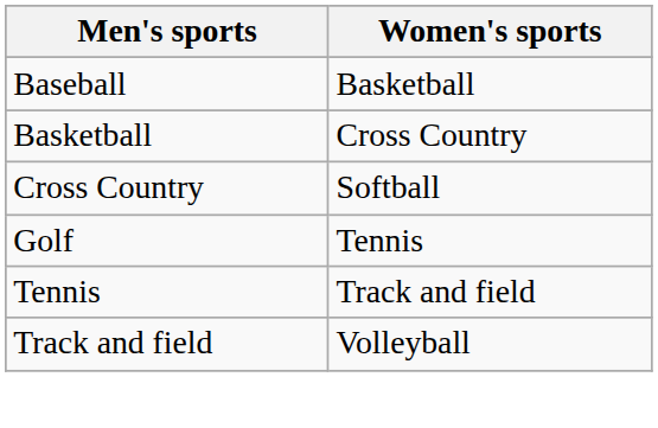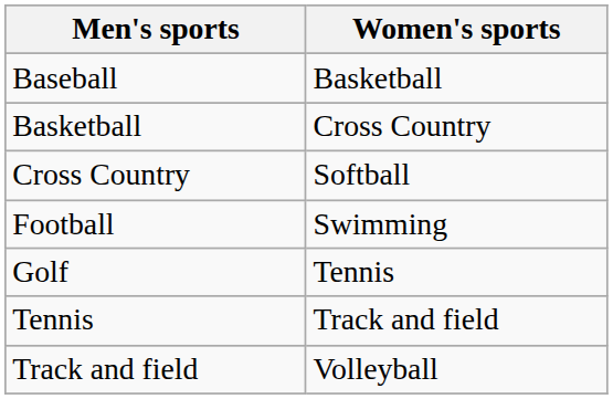 <table class="wikitable"; style= "text-align: ">
 <tr>
 <th width=150px>Men's sports</th>
 <th width=150px>Women's sports</th>
 </tr>
 <tr>
 <td>Baseball</td>
 <td>Basketball</td>
 </tr>
 <tr>
 <td>Basketball</td>
 <td>Cross Country</td>
 </tr>
 <tr>
 <td>Cross Country</td>
 <td>Softball</td>
 </tr>
 <tr>
+<td>Football</td>
+<td>Swimming</td>
+</tr>
+<tr>
 <td>Golf</td>
 <td>Tennis</td>
 </tr>
 <tr>
 <td>Tennis</td>
 <td>Track and field</td>
 </tr>
 <tr>
 <td>Track and field</td>
 <td>Volleyball</td>
 </tr>
 </table>
